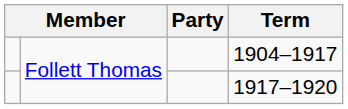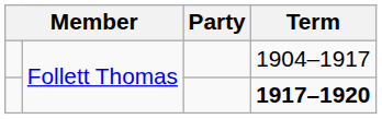 <table class="wikitable">
 <tr>
 <th colspan="2">Member</th>
 <th>Party</th>
 <th>Term</th>
 </tr>
 <tr>
 <td> </td>
 <td rowspan="2"><a href='#'>Follett Thomas</a></td>
 <td></td>
 <td>1904–1917</td>
 </tr>
 <tr>
 <td> </td>
 <td></td>
-<td>1917–1920</td>
+<td><strong>1917–1920</strong></td>
 </tr>
 </table>
